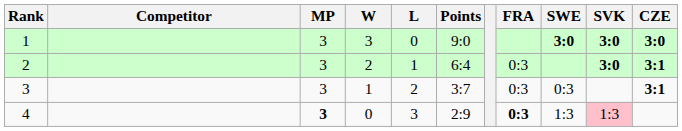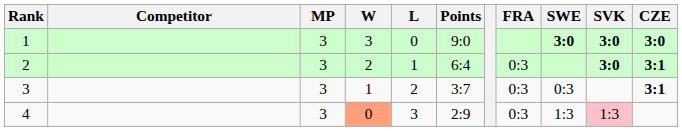 <table class="wikitable" style="text-align:center">
 <tr>
 <th>Rank</th>
 <th style="width:16em">Competitor</th>
 <th style="width:2.5em">MP</th>
 <th style="width:2.5em">W</th>
 <th style="width:2.5em">L</th>
 <th>Points</th>
 <th rowspan="5"> </th>
 <th style="width:2.5em">FRA</th>
 <th style="width:2.5em">SWE</th>
 <th style="width:2.5em">SVK</th>
 <th style="width:2.5em">CZE</th>
 </tr>
 <tr style="background:#cfc;">
 <td>1</td>
 <td style="text-align:left"></td>
 <td>3</td>
 <td>3</td>
 <td>0</td>
 <td>9:0</td>
 <td></td>
 <td><strong>3:0</strong></td>
 <td><strong>3:0</strong></td>
 <td><strong>3:0</strong></td>
 </tr>
 <tr style="background:#cfc;">
 <td>2</td>
 <td style="text-align:left"></td>
 <td>3</td>
 <td>2</td>
 <td>1</td>
 <td>6:4</td>
 <td>0:3</td>
 <td></td>
 <td><strong>3:0</strong></td>
 <td><strong>3:1</strong></td>
 </tr>
 <tr>
 <td>3</td>
 <td style="text-align:left"></td>
 <td>3</td>
 <td>1</td>
 <td>2</td>
 <td>3:7</td>
 <td>0:3</td>
 <td>0:3</td>
 <td></td>
 <td><strong>3:1</strong></td>
 </tr>
 <tr>
 <td>4</td>
 <td style="text-align:left"></td>
-<td><strong>3</strong></td>
-<td>0</td>
+<td>3</td>
+<td style="background: lightsalmon;">0</td>
 <td>3</td>
 <td>2:9</td>
-<td><strong>0:3</strong></td>
+<td>0:3</td>
 <td>1:3</td>
 <td style="background: pink;">1:3</td>
 <td></td>
 </tr>
 </table>
